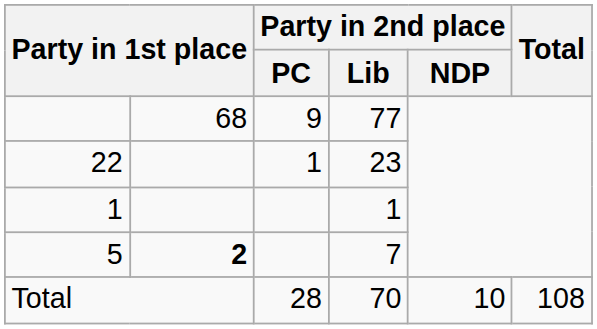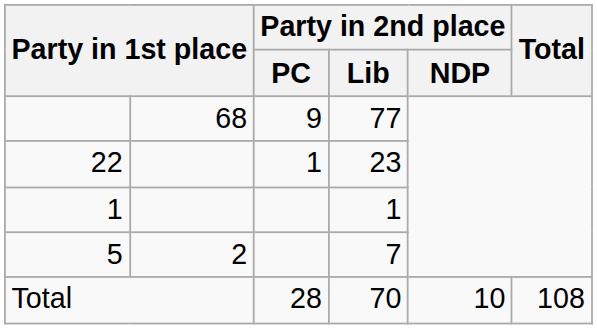 <table class="wikitable" style="text-align:right;">
 <tr>
 <th rowspan="2" colspan="2" style="text-align:left;">Party in 1st place</th>
 <th colspan="3">Party in 2nd place</th>
 <th rowspan="2">Total</th>
 </tr>
 <tr>
 <th>PC</th>
 <th>Lib</th>
 <th>NDP</th>
 </tr>
 <tr>
 <td></td>
 <td>68</td>
 <td>9</td>
 <td>77</td>
 </tr>
 <tr>
 <td>22</td>
 <td></td>
 <td>1</td>
 <td>23</td>
 </tr>
 <tr>
 <td>1</td>
 <td></td>
 <td></td>
 <td>1</td>
 </tr>
 <tr>
 <td>5</td>
-<td><strong>2</strong></td>
+<td>2</td>
 <td></td>
 <td>7</td>
 </tr>
 <tr>
 <td colspan="2" style="text-align:left;">Total</td>
 <td>28</td>
 <td>70</td>
 <td>10</td>
 <td>108</td>
 </tr>
 </table>
